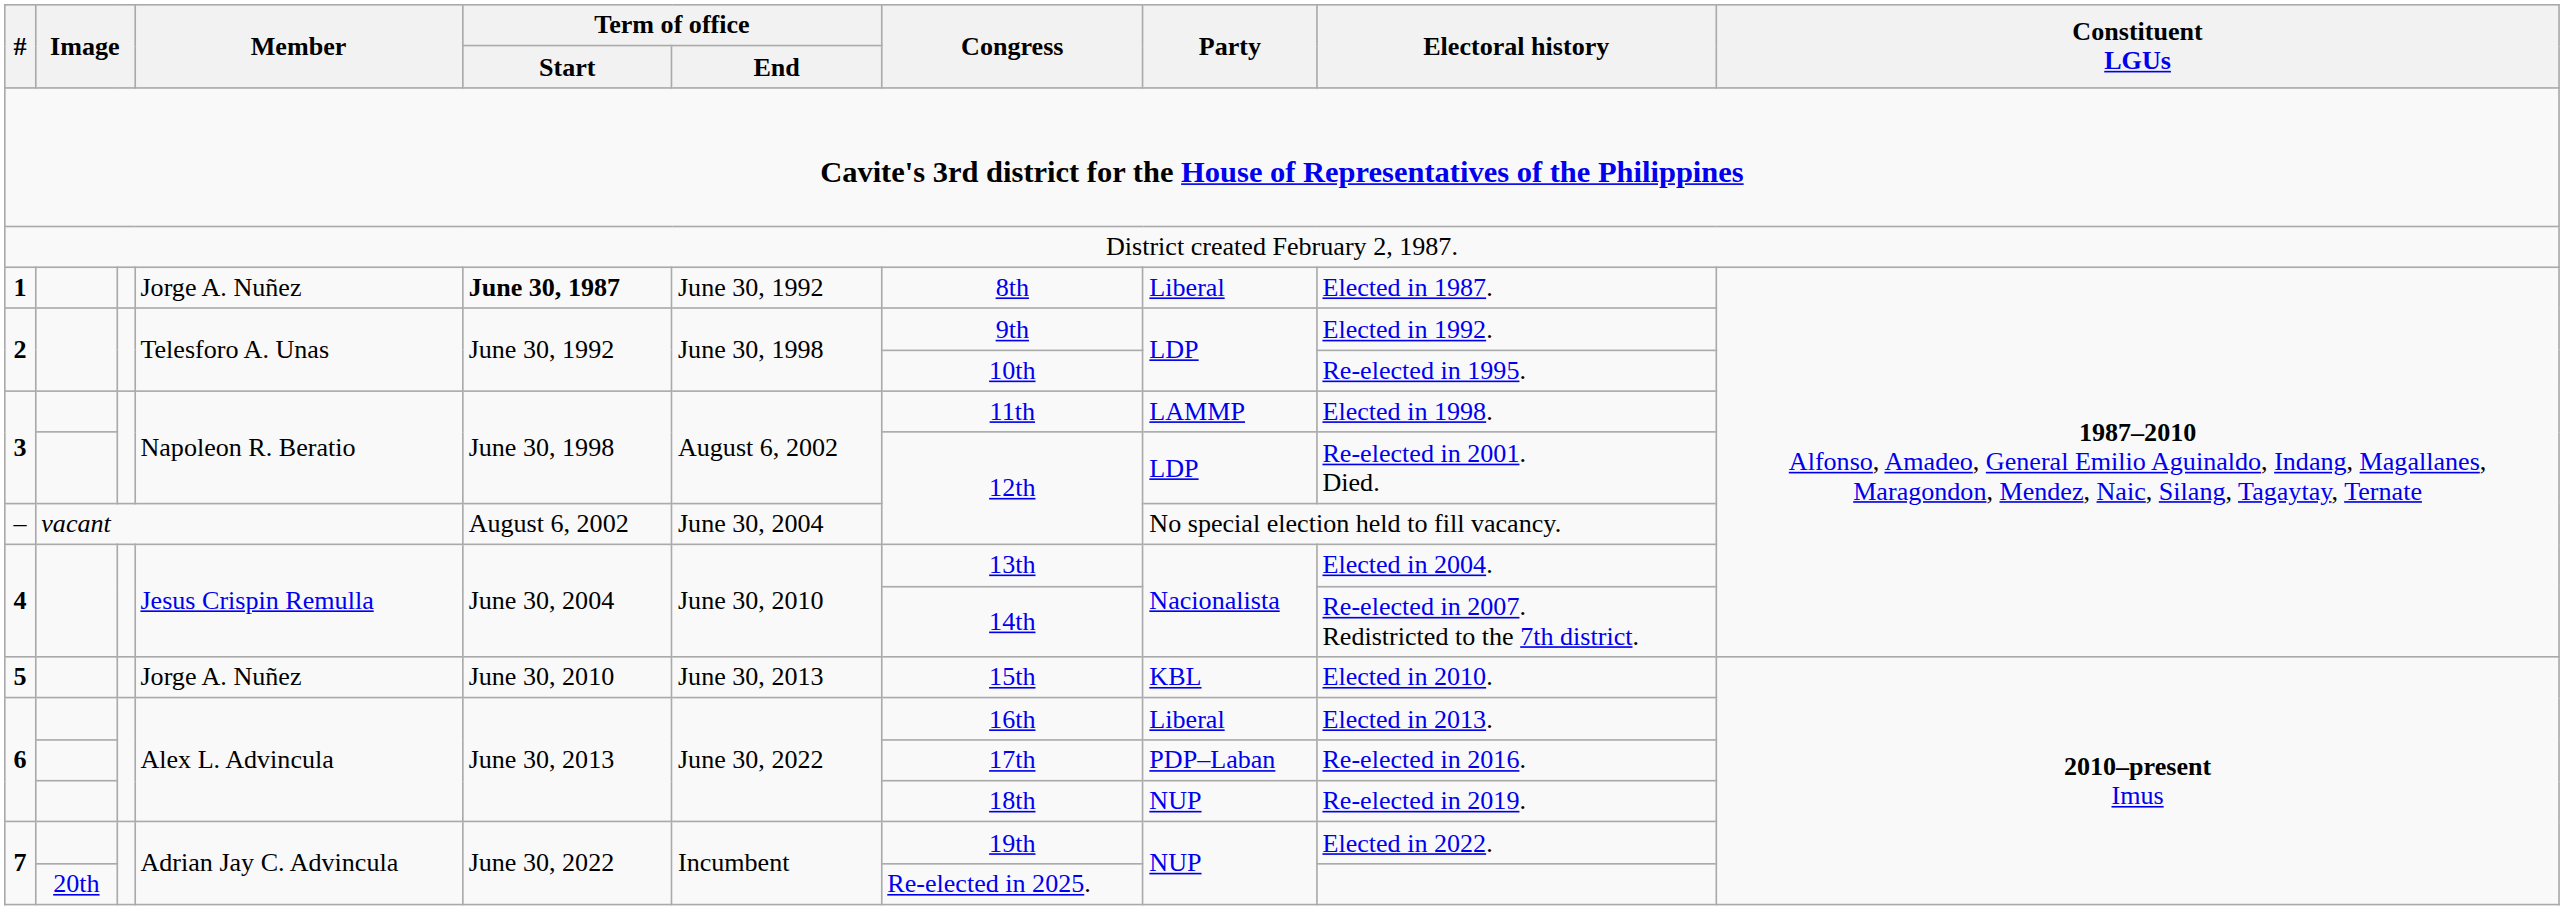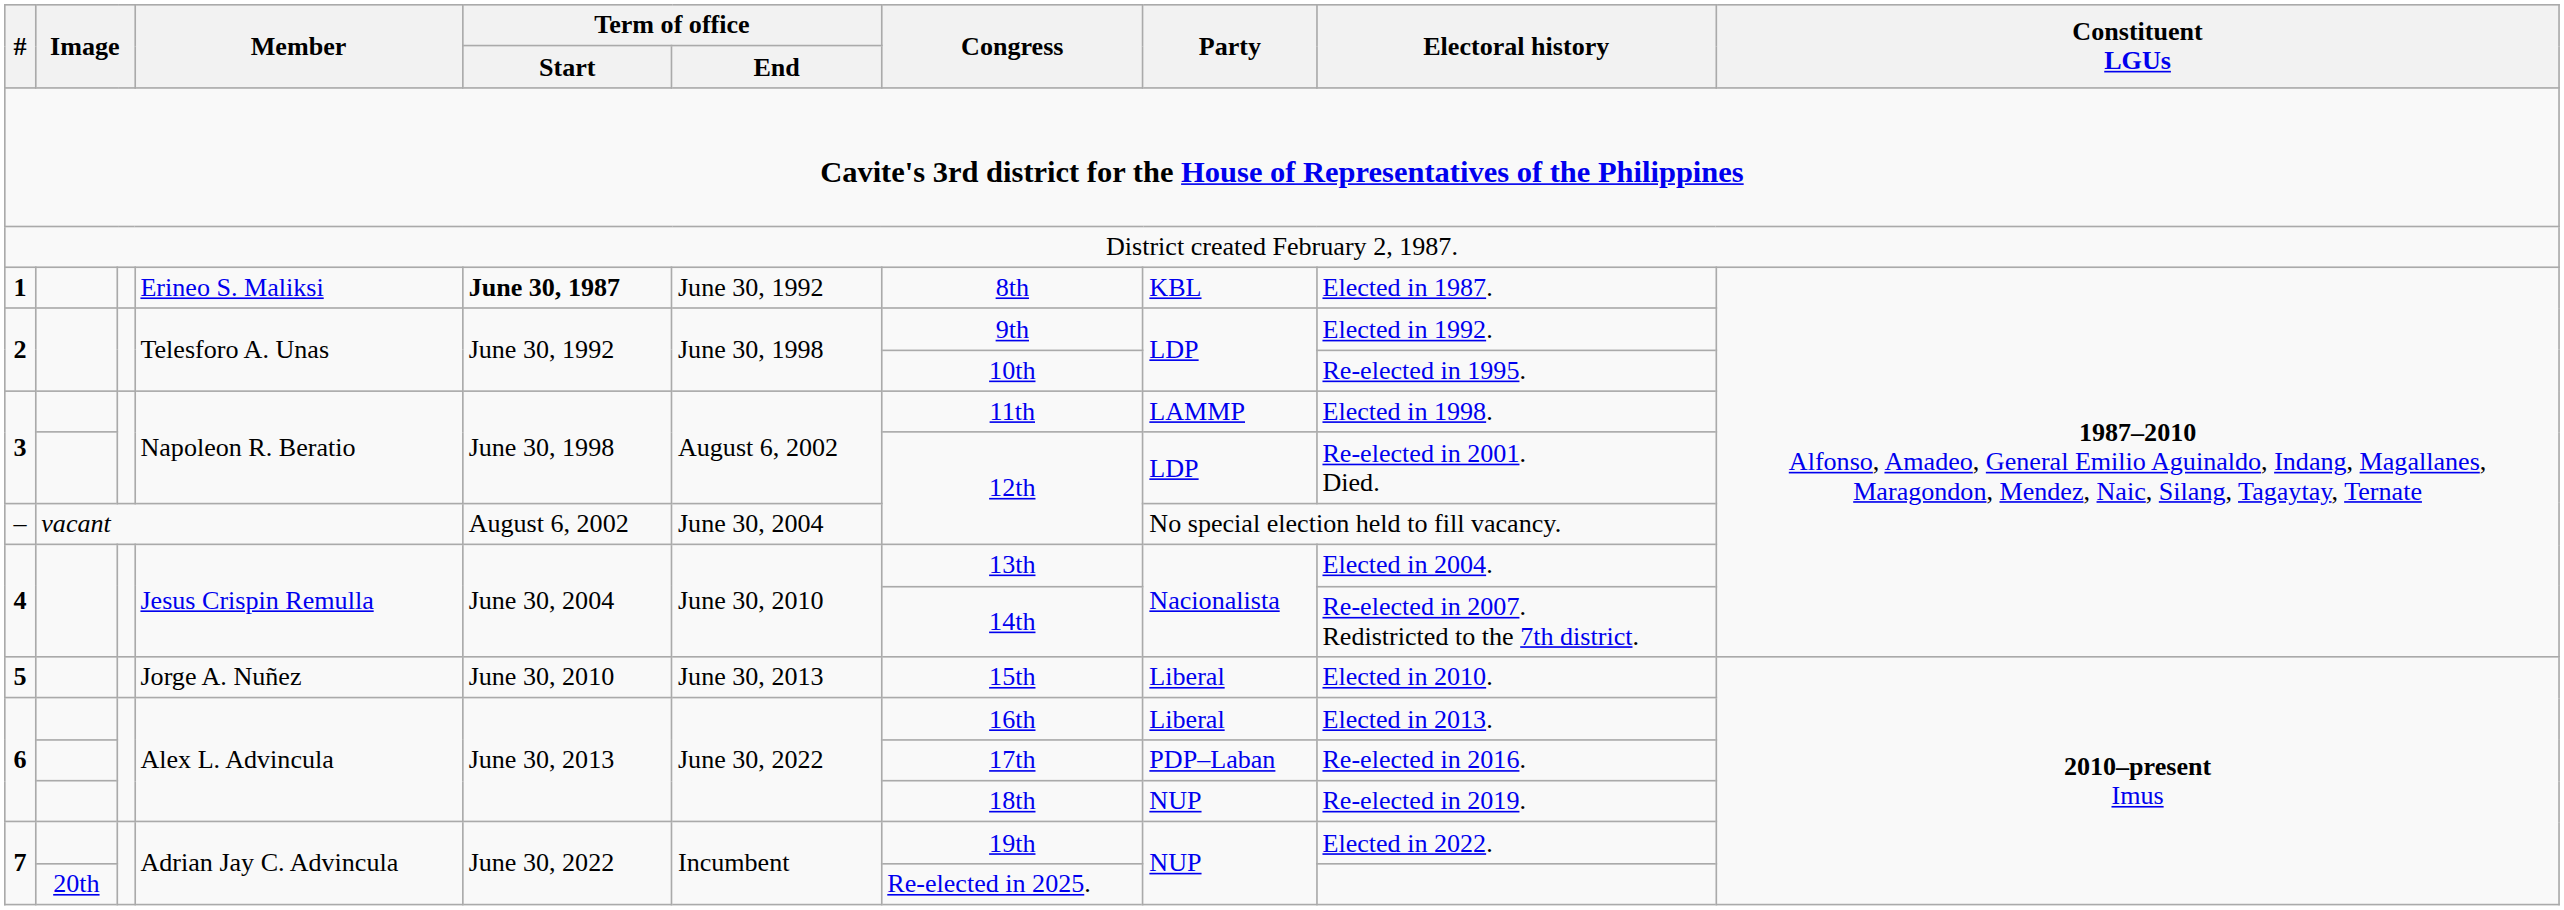 <table class="wikitable">
 <tr>
 <th rowspan="2">#</th>
 <th colspan="2" rowspan="2">Image</th>
 <th rowspan="2">Member</th>
 <th colspan="2">Term of office</th>
 <th rowspan="2">Congress</th>
 <th rowspan="2">Party</th>
 <th rowspan="2">Electoral history</th>
 <th rowspan="2" width="33%">Constituent<br><a href='#'>LGUs</a></th>
 </tr>
 <tr>
 <th>Start</th>
 <th>End</th>
 </tr>
 <tr>
 <td colspan="10" style="text-align:center;"><br><h3>Cavite's 3rd district for the <a href='#'>House of Representatives of the Philippines</a></h3></td>
 </tr>
 <tr>
 <td colspan="10" style="text-align:center;">District created February 2, 1987.</td>
 </tr>
 <tr>
 <td style="text-align:center;"><strong>1</strong></td>
 <td style="color:inherit;background:"></td>
 <td></td>
-<td>Jorge A. Nuñez</td>
+<td><a href='#'>Erineo S. Maliksi</a></td>
 <td><strong>June 30, 1987</strong></td>
 <td>June 30, 1992</td>
 <td style="text-align:center;"><a href='#'>8th</a></td>
-<td><a href='#'>Liberal</a></td>
+<td><a href='#'>KBL</a></td>
 <td><a href='#'>Elected in 1987</a>.</td>
 <td rowspan="8" style="text-align:center;"><strong>1987–2010</strong><br><a href='#'>Alfonso</a>, <a href='#'>Amadeo</a>, <a href='#'>General Emilio Aguinaldo</a>, <a href='#'>Indang</a>, <a href='#'>Magallanes</a>, <a href='#'>Maragondon</a>, <a href='#'>Mendez</a>, <a href='#'>Naic</a>, <a href='#'>Silang</a>, <a href='#'>Tagaytay</a>, <a href='#'>Ternate</a></td>
 </tr>
 <tr>
 <td style="text-align:center;" rowspan="2"><strong>2</strong></td>
 <td rowspan="2" style="color:inherit;background:"></td>
 <td rowspan="2"></td>
 <td rowspan="2">Telesforo A. Unas</td>
 <td rowspan="2">June 30, 1992</td>
 <td rowspan="2">June 30, 1998</td>
 <td style="text-align:center;"><a href='#'>9th</a></td>
 <td rowspan="2"><a href='#'>LDP</a></td>
 <td><a href='#'>Elected in 1992</a>.</td>
 </tr>
 <tr>
 <td style="text-align:center;"><a href='#'>10th</a></td>
 <td><a href='#'>Re-elected in 1995</a>.</td>
 </tr>
 <tr>
 <td style="text-align:center;" rowspan="2"><strong>3</strong></td>
 <td style="color:inherit;background:"></td>
 <td rowspan="2"></td>
 <td rowspan="2">Napoleon R. Beratio</td>
 <td rowspan="2">June 30, 1998</td>
 <td rowspan="2">August 6, 2002</td>
 <td style="text-align:center;"><a href='#'>11th</a></td>
 <td><a href='#'>LAMMP</a></td>
 <td><a href='#'>Elected in 1998</a>.</td>
 </tr>
 <tr>
 <td style="color:inherit;background:"></td>
 <td style="text-align:center;" rowspan="2"><a href='#'>12th</a></td>
 <td><a href='#'>LDP</a></td>
 <td><a href='#'>Re-elected in 2001</a>.<br>Died.</td>
 </tr>
 <tr>
 <td style="text-align:center;">–</td>
 <td colspan=3><em>vacant</em></td>
 <td>August 6, 2002</td>
 <td>June 30, 2004</td>
 <td colspan=2>No special election held to fill vacancy.</td>
 </tr>
 <tr>
 <td style="text-align:center;" rowspan="2"><strong>4</strong></td>
 <td rowspan="2" style="color:inherit;background:"></td>
 <td rowspan="2"></td>
 <td rowspan="2"><a href='#'>Jesus Crispin Remulla</a></td>
 <td rowspan="2">June 30, 2004</td>
 <td rowspan="2">June 30, 2010</td>
 <td style="text-align:center;"><a href='#'>13th</a></td>
 <td rowspan="2"><a href='#'>Nacionalista</a></td>
 <td><a href='#'>Elected in 2004</a>.</td>
 </tr>
 <tr>
 <td style="text-align:center;"><a href='#'>14th</a></td>
 <td><a href='#'>Re-elected in 2007</a>.<br>Redistricted to the <a href='#'>7th district</a>.</td>
 </tr>
 <tr>
 <td style="text-align:center;"><strong>5</strong></td>
 <td style="color:inherit;background:"></td>
 <td></td>
 <td>Jorge A. Nuñez</td>
 <td>June 30, 2010</td>
 <td>June 30, 2013</td>
 <td style="text-align:center;"><a href='#'>15th</a></td>
-<td><a href='#'>KBL</a></td>
+<td><a href='#'>Liberal</a></td>
 <td><a href='#'>Elected in 2010</a>.</td>
 <td rowspan="6" style="text-align:center;"><strong>2010–present</strong><br><a href='#'>Imus</a></td>
 </tr>
 <tr>
 <td style="text-align:center;" rowspan="3"><strong>6</strong></td>
 <td style="color:inherit;background:"></td>
 <td rowspan="3"></td>
 <td rowspan="3">Alex L. Advincula</td>
 <td rowspan="3">June 30, 2013</td>
 <td rowspan="3">June 30, 2022</td>
 <td style="text-align:center;"><a href='#'>16th</a></td>
 <td><a href='#'>Liberal</a></td>
 <td><a href='#'>Elected in 2013</a>.</td>
 </tr>
 <tr>
 <td style="color:inherit;background:"></td>
 <td style="text-align:center;"><a href='#'>17th</a></td>
 <td><a href='#'>PDP–Laban</a></td>
 <td><a href='#'>Re-elected in 2016</a>.</td>
 </tr>
 <tr>
 <td style="color:inherit;background:"></td>
 <td style="text-align:center;"><a href='#'>18th</a></td>
 <td><a href='#'>NUP</a></td>
 <td><a href='#'>Re-elected in 2019</a>.</td>
 </tr>
 <tr>
 <td style="text-align:center;" rowspan="2"><strong>7</strong></td>
 <td style="color:inherit;background:"></td>
 <td rowspan="2"></td>
 <td rowspan="2">Adrian Jay C. Advincula</td>
 <td rowspan="2">June 30, 2022</td>
 <td rowspan="2">Incumbent</td>
 <td style="text-align:center;"><a href='#'>19th</a></td>
 <td rowspan="2"><a href='#'>NUP</a></td>
 <td><a href='#'>Elected in 2022</a>.</td>
 </tr>
 <tr>
 <td style="text-align:center;"><a href='#'>20th</a></td>
 <td><a href='#'>Re-elected in 2025</a>.</td>
 </tr>
 </table>
